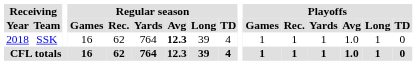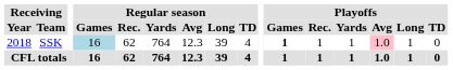 <table border="0" cellpadding="1" cellspacing="0"  style="width:65%; text-align:center;">
 <tr style="background:#e0e0e0;">
 <th colspan="2">Receiving</th>
 <th rowspan="99" style="background:#fff;"> </th>
 <th colspan="6">Regular season</th>
 <th rowspan="99" style="background:#fff;"> </th>
 <th colspan="6">Playoffs</th>
 </tr>
 <tr style="background:#e0e0e0;">
 <th>Year</th>
 <th>Team</th>
 <th>Games</th>
 <th>Rec.</th>
 <th>Yards</th>
 <th>Avg</th>
 <th>Long</th>
 <th>TD</th>
 <th>Games</th>
 <th>Rec.</th>
 <th>Yards</th>
 <th>Avg</th>
 <th>Long</th>
 <th>TD</th>
 </tr>
 <tr style="text-align:center;">
 <td><a href='#'>2018</a></td>
 <td><a href='#'>SSK</a></td>
-<td>16</td>
+<td style="background: lightblue;">16</td>
 <td>62</td>
 <td>764</td>
-<td><strong>12.3</strong></td>
+<td>12.3</td>
 <td>39</td>
 <td>4</td>
+<td><strong>1</strong></td>
 <td>1</td>
 <td>1</td>
-<td>1</td>
-<td>1.0</td>
+<td style="background: pink;">1.0</td>
 <td>1</td>
 <td>0</td>
 </tr>
 <tr style="background:#e0e0e0;">
 <th colspan="3">CFL totals</th>
 <th>16</th>
 <th>62</th>
 <th>764</th>
 <th>12.3</th>
 <th>39</th>
 <th>4</th>
 <th>1</th>
 <th>1</th>
 <th>1</th>
 <th>1.0</th>
 <th>1</th>
 <th>0</th>
 </tr>
 </table>
